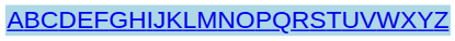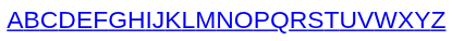 <table id="toc" class="toc" summary="Class">
 <tr>
 <th></th>
 </tr>
 <tr>
-<td style="background: lightblue; text-align:center;"><a href='#'>A</a><a href='#'>B</a><a href='#'>C</a><a href='#'>D</a><a href='#'>E</a><a href='#'>F</a><a href='#'>G</a><a href='#'>H</a><a href='#'>I</a><a href='#'>J</a><a href='#'>K</a><a href='#'>L</a><a href='#'>M</a><a href='#'>N</a><a href='#'>O</a><a href='#'>P</a><a href='#'>Q</a><a href='#'>R</a><a href='#'>S</a><a href='#'>T</a><a href='#'>U</a><a href='#'>V</a><a href='#'>W</a><a href='#'>X</a><a href='#'>Y</a><a href='#'>Z</a></td>
+<td style="text-align:center;"><a href='#'>A</a><a href='#'>B</a><a href='#'>C</a><a href='#'>D</a><a href='#'>E</a><a href='#'>F</a><a href='#'>G</a><a href='#'>H</a><a href='#'>I</a><a href='#'>J</a><a href='#'>K</a><a href='#'>L</a><a href='#'>M</a><a href='#'>N</a><a href='#'>O</a><a href='#'>P</a><a href='#'>Q</a><a href='#'>R</a><a href='#'>S</a><a href='#'>T</a><a href='#'>U</a><a href='#'>V</a><a href='#'>W</a><a href='#'>X</a><a href='#'>Y</a><a href='#'>Z</a></td>
 </tr>
 </table>
